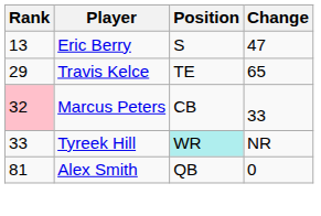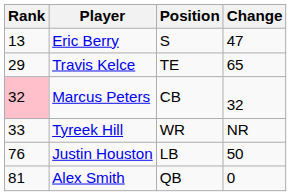 <table class="wikitable">
 <tr>
 <th>Rank</th>
 <th>Player</th>
 <th>Position</th>
 <th>Change</th>
 </tr>
 <tr>
 <td>13</td>
 <td><a href='#'>Eric Berry</a></td>
 <td>S</td>
 <td> 47</td>
 </tr>
 <tr>
 <td>29</td>
 <td><a href='#'>Travis Kelce</a></td>
 <td>TE</td>
 <td> 65</td>
 </tr>
 <tr>
 <td style="background: pink;">32</td>
 <td><a href='#'>Marcus Peters</a></td>
 <td>CB</td>
-<td><br> 33</td>
+<td><br> 32</td>
 </tr>
 <tr>
 <td>33</td>
 <td><a href='#'>Tyreek Hill</a></td>
-<td style="background: paleturquoise;">WR</td>
+<td>WR</td>
 <td>NR</td>
+</tr>
+<tr>
+<td>76</td>
+<td><a href='#'>Justin Houston</a></td>
+<td>LB</td>
+<td> 50</td>
 </tr>
 <tr>
 <td>81</td>
 <td><a href='#'>Alex Smith</a></td>
 <td>QB</td>
 <td> 0</td>
 </tr>
 </table>
